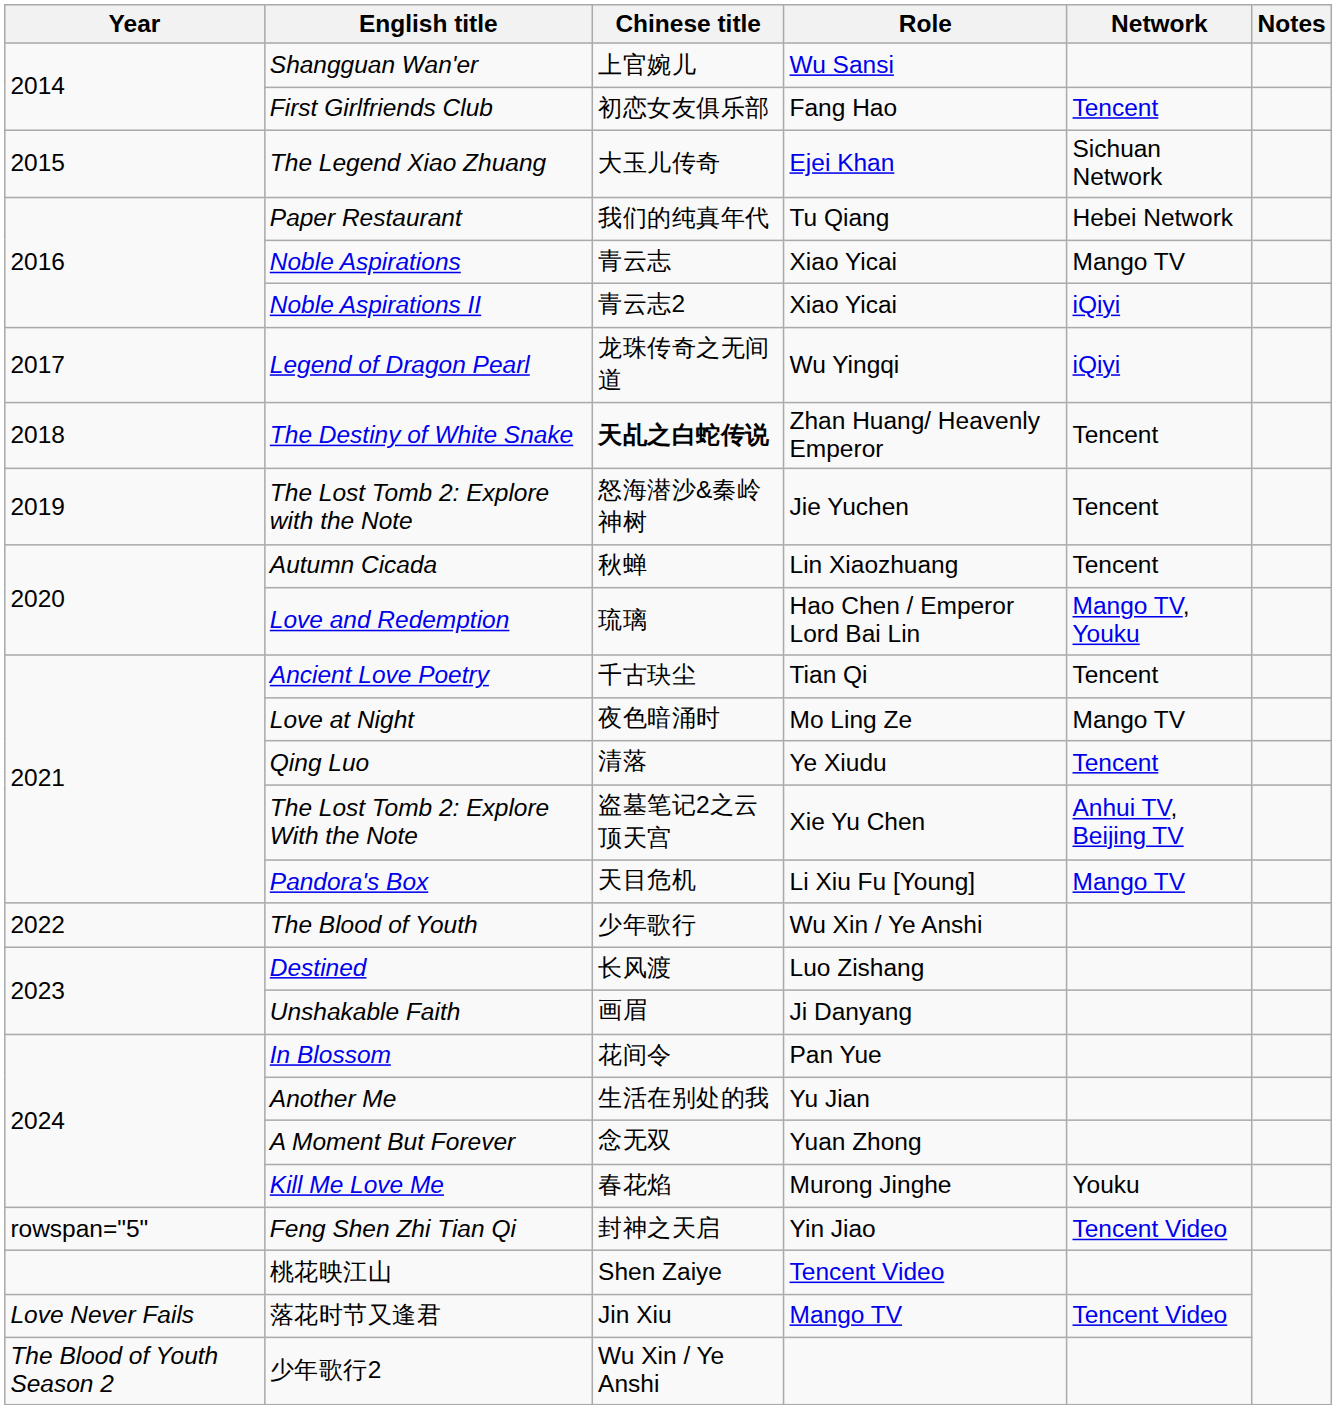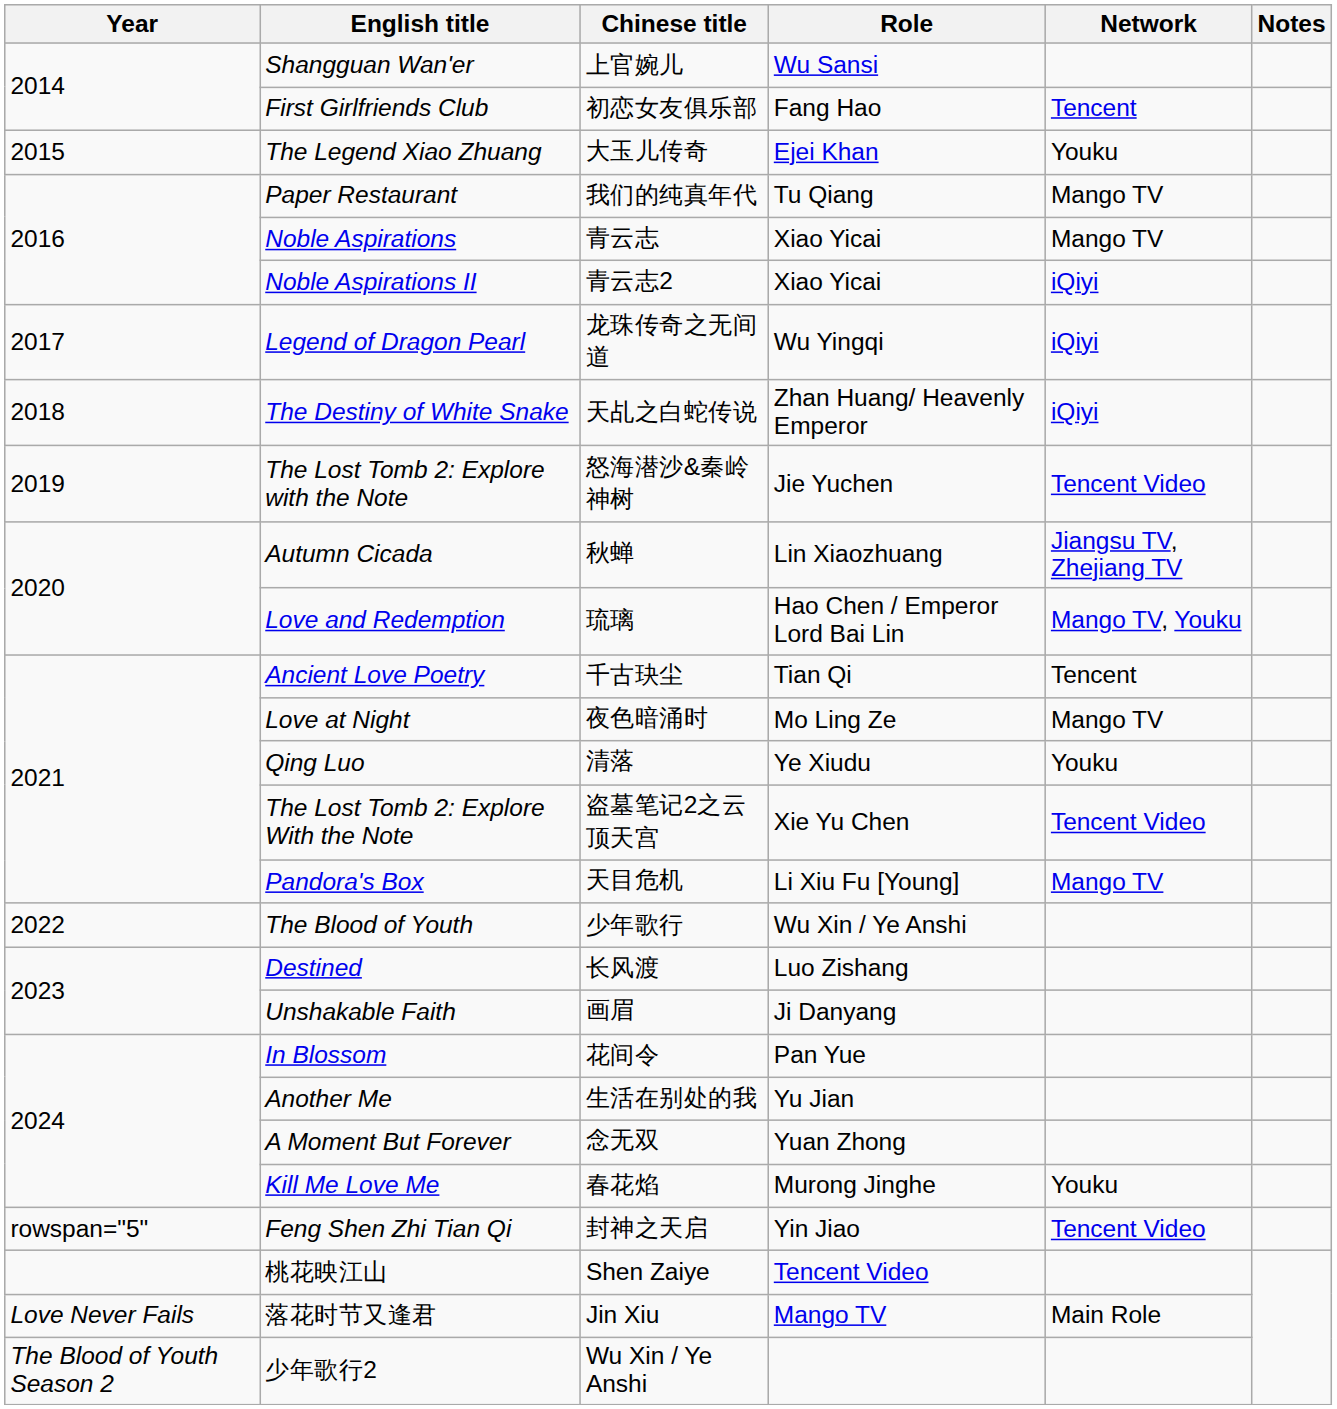 <table class="wikitable">
 <tr>
 <th>Year</th>
 <th>English title</th>
 <th>Chinese title</th>
 <th>Role</th>
 <th>Network</th>
 <th>Notes</th>
 </tr>
 <tr>
 <td rowspan=2>2014</td>
 <td><em>Shangguan Wan'er</em></td>
 <td>上官婉儿</td>
 <td><a href='#'>Wu Sansi</a></td>
 <td></td>
 <td></td>
 </tr>
 <tr>
 <td><em>First Girlfriends Club</em></td>
 <td>初恋女友俱乐部</td>
 <td>Fang Hao</td>
 <td><a href='#'>Tencent</a></td>
 <td></td>
 </tr>
 <tr>
 <td>2015</td>
 <td><em>The Legend Xiao Zhuang </em></td>
 <td>大玉儿传奇</td>
 <td><a href='#'>Ejei Khan</a></td>
-<td>Sichuan Network</td>
+<td>Youku</td>
 <td></td>
 </tr>
 <tr>
 <td rowspan=3>2016</td>
 <td><em>Paper Restaurant</em></td>
 <td>我们的纯真年代</td>
 <td>Tu Qiang</td>
-<td>Hebei Network</td>
+<td>Mango TV</td>
 <td></td>
 </tr>
 <tr>
 <td><em><a href='#'>Noble Aspirations</a></em></td>
 <td>青云志</td>
 <td>Xiao Yicai</td>
 <td>Mango TV</td>
 <td></td>
 </tr>
 <tr>
 <td><em><a href='#'>Noble Aspirations II</a></em></td>
 <td>青云志2</td>
 <td>Xiao Yicai</td>
 <td><a href='#'>iQiyi</a></td>
 <td></td>
 </tr>
 <tr>
 <td>2017</td>
 <td><em><a href='#'>Legend of Dragon Pearl</a></em></td>
 <td>龙珠传奇之无间道</td>
 <td>Wu Yingqi</td>
 <td><a href='#'>iQiyi</a></td>
 <td></td>
 </tr>
 <tr>
 <td>2018</td>
 <td><em><a href='#'>The Destiny of White Snake</a></em></td>
-<td><strong>天乩之白蛇传说</strong></td>
+<td>天乩之白蛇传说</td>
 <td>Zhan Huang/  Heavenly Emperor</td>
-<td>Tencent</td>
+<td><a href='#'>iQiyi</a></td>
 <td></td>
 </tr>
 <tr>
 <td>2019</td>
 <td><em>The Lost Tomb 2: Explore with the Note</em></td>
 <td>怒海潜沙&秦岭神树</td>
 <td>Jie Yuchen</td>
-<td>Tencent</td>
+<td><a href='#'>Tencent Video</a></td>
 <td></td>
 </tr>
 <tr>
 <td rowspan=2>2020</td>
 <td><em>Autumn Cicada</em></td>
 <td>秋蝉</td>
 <td>Lin Xiaozhuang</td>
-<td>Tencent</td>
+<td><a href='#'>Jiangsu TV</a>, <a href='#'>Zhejiang TV</a></td>
 <td></td>
 </tr>
 <tr>
 <td><em><a href='#'>Love and Redemption</a></em></td>
 <td>琉璃</td>
 <td>Hao Chen / Emperor Lord Bai Lin</td>
 <td><a href='#'>Mango TV</a>, <a href='#'>Youku</a></td>
 <td></td>
 </tr>
 <tr>
 <td rowspan=5>2021</td>
 <td><em><a href='#'>Ancient Love Poetry</a></em></td>
 <td>千古玦尘</td>
 <td>Tian Qi</td>
 <td>Tencent</td>
 <td></td>
 </tr>
 <tr>
 <td><em>Love at Night</em></td>
 <td>夜色暗涌时</td>
 <td>Mo Ling Ze</td>
 <td>Mango TV</td>
 <td></td>
 </tr>
 <tr>
 <td><em>Qing Luo</em></td>
 <td>清落</td>
 <td>Ye Xiudu</td>
-<td><a href='#'>Tencent</a></td>
+<td>Youku</td>
 <td></td>
 </tr>
 <tr>
 <td><em>The Lost Tomb 2: Explore With the Note</em></td>
 <td>盗墓笔记2之云顶天宫</td>
 <td>Xie Yu Chen</td>
-<td><a href='#'>Anhui TV</a>, <a href='#'>Beijing TV</a></td>
+<td><a href='#'>Tencent Video</a></td>
 <td></td>
 </tr>
 <tr>
 <td><em><a href='#'> Pandora's Box</a></em></td>
 <td>天目危机</td>
 <td>Li Xiu Fu [Young]</td>
 <td><a href='#'>Mango TV</a></td>
 <td></td>
 </tr>
 <tr>
 <td>2022</td>
 <td><em>The Blood of Youth</em></td>
 <td>少年歌行</td>
 <td>Wu Xin / Ye Anshi</td>
 <td></td>
 <td></td>
 </tr>
 <tr>
 <td rowspan="2">2023</td>
 <td><em><a href='#'>Destined</a></em></td>
 <td>长风渡</td>
 <td>Luo Zishang</td>
 <td></td>
 <td></td>
 </tr>
 <tr>
 <td><em>Unshakable Faith</em></td>
 <td>画眉</td>
 <td>Ji Danyang</td>
 <td></td>
 <td></td>
 </tr>
 <tr>
 <td rowspan="4">2024</td>
 <td><em><a href='#'>In Blossom</a></em></td>
 <td>花间令</td>
 <td>Pan Yue</td>
 <td></td>
 <td></td>
 </tr>
 <tr>
 <td><em>Another Me</em></td>
 <td>生活在别处的我</td>
 <td>Yu Jian</td>
 <td></td>
 <td></td>
 </tr>
 <tr>
 <td><em>A Moment But Forever</em></td>
 <td>念无双</td>
 <td>Yuan Zhong</td>
 <td></td>
 <td></td>
 </tr>
 <tr>
 <td><em><a href='#'>Kill Me Love Me</a></em></td>
 <td>春花焰</td>
 <td>Murong Jinghe</td>
 <td>Youku</td>
 <td></td>
 </tr>
 <tr>
 <td>rowspan="5" </td>
 <td><em>Feng Shen Zhi Tian Qi</em></td>
 <td>封神之天启</td>
 <td>Yin Jiao</td>
 <td><a href='#'>Tencent Video</a></td>
 <td></td>
 </tr>
 <tr>
 <td></td>
 <td>桃花映江山</td>
 <td>Shen Zaiye</td>
 <td><a href='#'>Tencent Video</a></td>
 <td></td>
 </tr>
 <tr>
 <td><em>Love Never Fails</em></td>
 <td>落花时节又逢君</td>
 <td>Jin Xiu</td>
 <td><a href='#'>Mango TV</a></td>
-<td><a href='#'>Tencent Video</a></td>
+<td>Main Role</td>
 </tr>
 <tr>
 <td><em>The Blood of Youth Season 2</em></td>
 <td>少年歌行2</td>
 <td>Wu Xin / Ye Anshi</td>
 <td></td>
 <td></td>
 </tr>
 <tr>
 </tr>
 </table>
